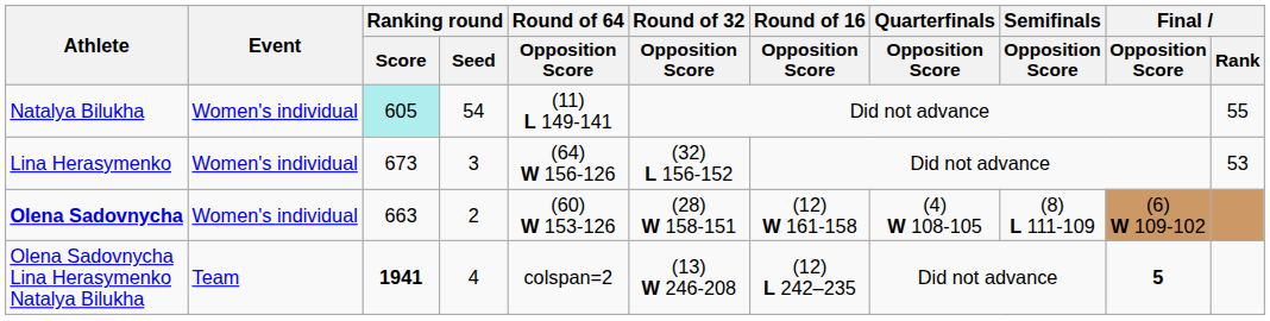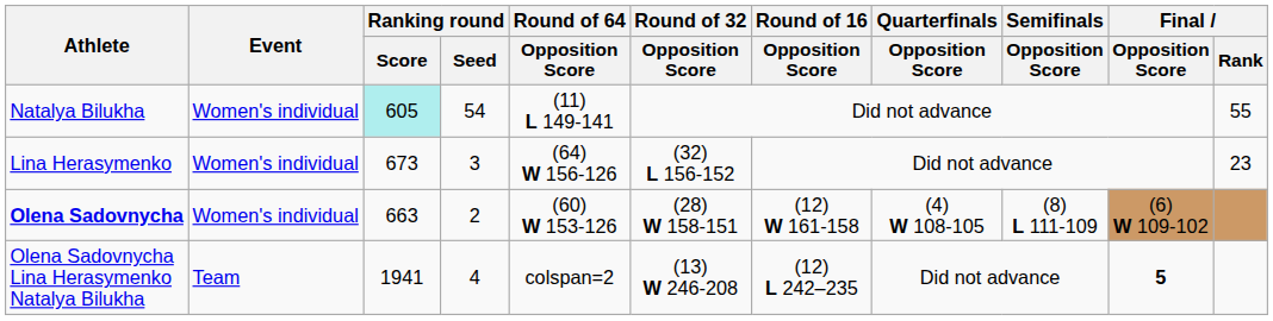 <table class="wikitable" style="font-size:90%">
 <tr>
 <th rowspan="2">Athlete</th>
 <th rowspan="2">Event</th>
 <th colspan="2">Ranking round</th>
 <th>Round of 64</th>
 <th>Round of 32</th>
 <th>Round of 16</th>
 <th>Quarterfinals</th>
 <th>Semifinals</th>
 <th colspan="2">Final / </th>
 </tr>
 <tr style="font-size:95%">
 <th>Score</th>
 <th>Seed</th>
 <th>Opposition<br>Score</th>
 <th>Opposition<br>Score</th>
 <th>Opposition<br>Score</th>
 <th>Opposition<br>Score</th>
 <th>Opposition<br>Score</th>
 <th>Opposition<br>Score</th>
 <th>Rank</th>
 </tr>
 <tr align=center>
 <td align=left><a href='#'>Natalya Bilukha</a></td>
 <td align=left><a href='#'>Women's individual</a></td>
 <td style="background: paleturquoise;">605</td>
 <td>54</td>
 <td> (11)<br><strong>L</strong> 149-141</td>
 <td colspan=5>Did not advance</td>
 <td>55</td>
 </tr>
 <tr align=center>
 <td align=left><a href='#'>Lina Herasymenko</a></td>
 <td align=left><a href='#'>Women's individual</a></td>
 <td>673</td>
 <td>3</td>
 <td> (64)<br><strong>W</strong> 156-126</td>
 <td> (32)<br><strong>L</strong> 156-152</td>
 <td colspan=4>Did not advance</td>
-<td>53</td>
+<td>23</td>
 </tr>
 <tr align=center>
 <td align=left><strong> <a href='#'>Olena Sadovnycha</a></strong></td>
 <td align=left><a href='#'>Women's individual</a></td>
 <td>663</td>
 <td>2</td>
 <td> (60)<br><strong>W</strong> 153-126</td>
 <td> (28)<br><strong>W</strong> 158-151</td>
 <td> (12)<br><strong>W</strong> 161-158</td>
 <td> (4)<br><strong>W</strong> 108-105</td>
 <td> (8)<br><strong>L</strong> 111-109</td>
 <td align="center" bgcolor='cc9966'> (6)<br><strong>W</strong> 109-102</td>
 <td align="center" bgcolor='cc9966'></td>
 </tr>
 <tr align=center>
 <td align=left><a href='#'>Olena Sadovnycha</a><br><a href='#'>Lina Herasymenko</a><br><a href='#'>Natalya Bilukha</a></td>
 <td align=left><a href='#'>Team</a></td>
-<td><strong>1941</strong></td>
+<td>1941</td>
 <td>4</td>
 <td>colspan=2 </td>
 <td> (13)<br><strong>W</strong> 246-208</td>
 <td> (12)<br><strong>L</strong> 242–235</td>
 <td colspan=2>Did not advance</td>
 <td><strong>5</strong></td>
 </tr>
 </table>
